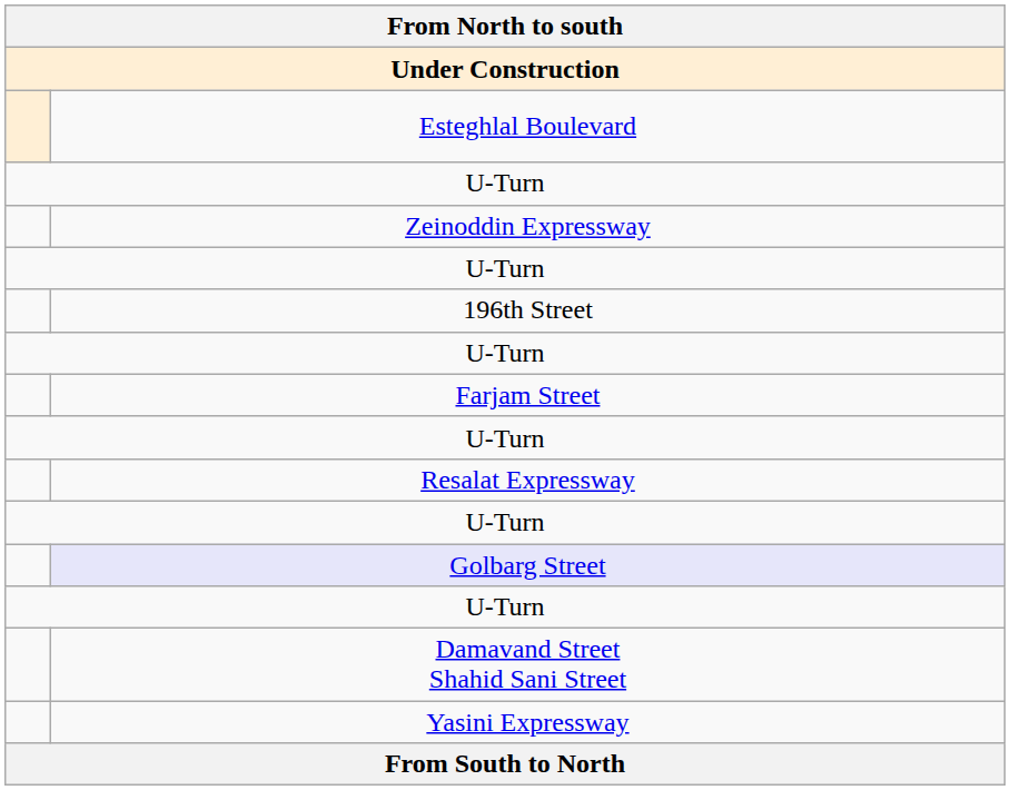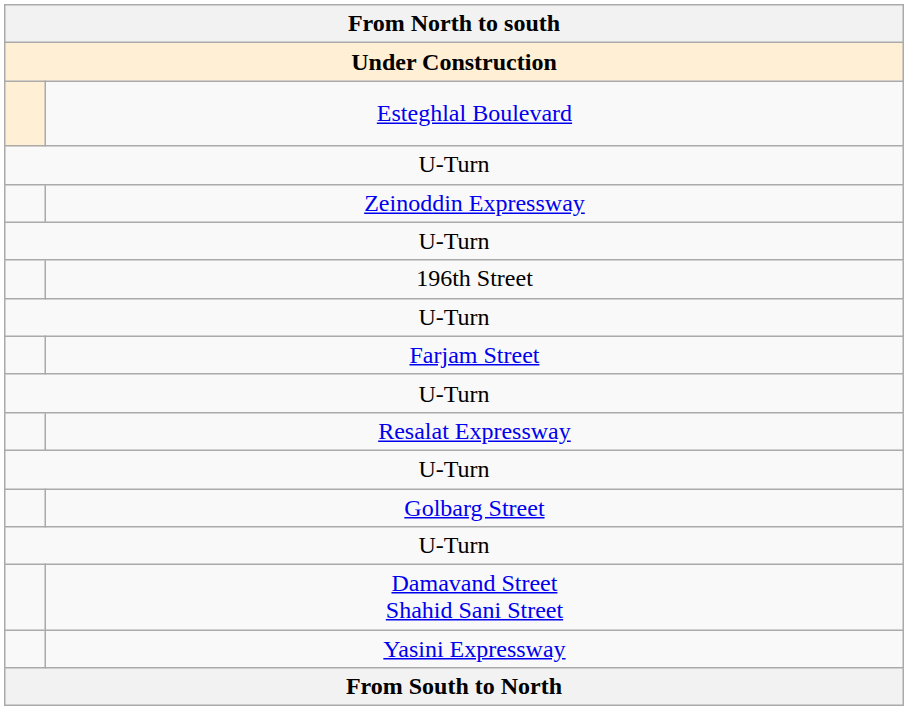 <table class="wikitable" style="text-align:center" width="600px">
 <tr>
 <th text-align="center" colspan="3"> From North to south </th>
 </tr>
 <tr>
 <td text-align="center" colspan="3" bgcolor="#FFEFD5"> <strong>Under Construction</strong> </td>
 </tr>
 <tr>
 <td align="center" bgcolor="#FFEFD5"><br><br></td>
 <td> <a href='#'>Esteghlal Boulevard</a></td>
 </tr>
 <tr>
 <td text-align="center" colspan="3"> U-Turn</td>
 </tr>
 <tr>
 <td></td>
 <td> <a href='#'>Zeinoddin Expressway</a></td>
 </tr>
 <tr>
 <td text-align="center" colspan="3"> U-Turn</td>
 </tr>
 <tr>
 <td></td>
 <td> 196th Street</td>
 </tr>
 <tr>
 <td text-align="center" colspan="3"> U-Turn</td>
 </tr>
 <tr>
 <td></td>
 <td> <a href='#'>Farjam Street</a></td>
 </tr>
 <tr>
 <td text-align="center" colspan="3"> U-Turn</td>
 </tr>
 <tr>
 <td></td>
 <td> <a href='#'>Resalat Expressway</a></td>
 </tr>
 <tr>
 <td text-align="center" colspan="3"> U-Turn</td>
 </tr>
 <tr>
 <td></td>
-<td style="background: lavender;"> <a href='#'>Golbarg Street</a></td>
+<td> <a href='#'>Golbarg Street</a></td>
 </tr>
 <tr>
 <td text-align="center" colspan="3"> U-Turn</td>
 </tr>
 <tr>
 <td></td>
 <td><a href='#'>Damavand Street</a><br> <a href='#'>Shahid Sani Street</a></td>
 </tr>
 <tr>
 <td></td>
 <td> <a href='#'>Yasini Expressway</a></td>
 </tr>
 <tr>
 <th text-align="center" colspan="3"> From South to North </th>
 </tr>
 </table>
